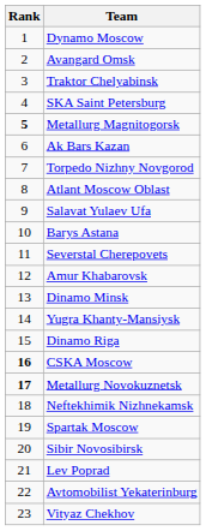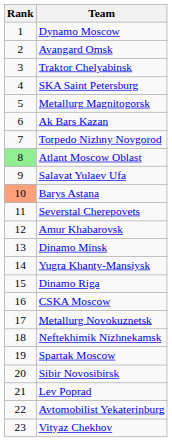 <table class="wikitable">
 <tr>
 <th align="center">Rank</th>
 <th>Team</th>
 </tr>
 <tr>
 <td rowspan="1" align="center">1</td>
 <td> <a href='#'>Dynamo Moscow</a></td>
 </tr>
 <tr>
 <td rowspan="1" align="center">2</td>
 <td> <a href='#'>Avangard Omsk</a></td>
 </tr>
 <tr>
 <td rowspan="1" align="center">3</td>
 <td> <a href='#'>Traktor Chelyabinsk</a></td>
 </tr>
 <tr>
 <td rowspan="1" align="center">4</td>
 <td> <a href='#'>SKA Saint Petersburg</a></td>
 </tr>
 <tr>
-<td rowspan="1" align="center"><strong>5</strong></td>
+<td rowspan="1" align="center">5</td>
 <td> <a href='#'>Metallurg Magnitogorsk</a></td>
 </tr>
 <tr>
 <td rowspan="1" align="center">6</td>
 <td> <a href='#'>Ak Bars Kazan</a></td>
 </tr>
 <tr>
 <td rowspan="1" align="center">7</td>
 <td> <a href='#'>Torpedo Nizhny Novgorod</a></td>
 </tr>
 <tr>
-<td rowspan="1" align="center">8</td>
+<td rowspan="1" align="center" style="background: lightgreen;">8</td>
 <td> <a href='#'>Atlant Moscow Oblast</a></td>
 </tr>
 <tr>
 <td rowspan="1" align="center">9</td>
 <td> <a href='#'>Salavat Yulaev Ufa</a></td>
 </tr>
 <tr>
-<td rowspan="1" align="center">10</td>
+<td rowspan="1" align="center" style="background: lightsalmon;">10</td>
 <td> <a href='#'>Barys Astana</a></td>
 </tr>
 <tr>
 <td rowspan="1" align="center">11</td>
 <td> <a href='#'>Severstal Cherepovets</a></td>
 </tr>
 <tr>
 <td rowspan="1" align="center">12</td>
 <td> <a href='#'>Amur Khabarovsk</a></td>
 </tr>
 <tr>
 <td rowspan="1" align="center">13</td>
 <td> <a href='#'>Dinamo Minsk</a></td>
 </tr>
 <tr>
 <td rowspan="1" align="center">14</td>
 <td> <a href='#'>Yugra Khanty-Mansiysk</a></td>
 </tr>
 <tr>
 <td rowspan="1" align="center">15</td>
 <td> <a href='#'>Dinamo Riga</a></td>
 </tr>
 <tr>
-<td rowspan="1" align="center"><strong>16</strong></td>
+<td rowspan="1" align="center">16</td>
 <td> <a href='#'>CSKA Moscow</a></td>
 </tr>
 <tr>
-<td rowspan="1" align="center"><strong>17</strong></td>
+<td rowspan="1" align="center">17</td>
 <td> <a href='#'>Metallurg Novokuznetsk</a></td>
 </tr>
 <tr>
 <td rowspan="1" align="center">18</td>
 <td> <a href='#'>Neftekhimik Nizhnekamsk</a></td>
 </tr>
 <tr>
 <td rowspan="1" align="center">19</td>
 <td> <a href='#'>Spartak Moscow</a></td>
 </tr>
 <tr>
 <td rowspan="1" align="center">20</td>
 <td> <a href='#'>Sibir Novosibirsk</a></td>
 </tr>
 <tr>
 <td rowspan="1" align="center">21</td>
 <td> <a href='#'>Lev Poprad</a></td>
 </tr>
 <tr>
 <td rowspan="1" align="center">22</td>
 <td> <a href='#'>Avtomobilist Yekaterinburg</a></td>
 </tr>
 <tr>
 <td rowspan="1" align="center">23</td>
 <td> <a href='#'>Vityaz Chekhov</a></td>
 </tr>
 </table>
